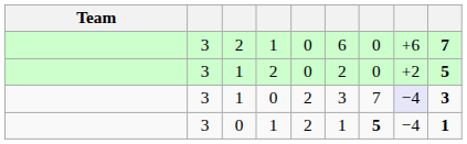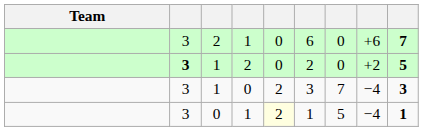 <table class="wikitable" style="text-align: center;">
 <tr>
 <th width="165">Team</th>
 <th width="25"></th>
 <th width="25"></th>
 <th width="25"></th>
 <th width="25"></th>
 <th width="25"></th>
 <th width="25"></th>
 <th width="25"></th>
 <th width="25"></th>
 </tr>
 <tr bgcolor=#ccffcc>
 <td align="left"></td>
 <td>3</td>
 <td>2</td>
 <td>1</td>
 <td>0</td>
 <td>6</td>
 <td>0</td>
 <td>+6</td>
 <td><strong>7</strong></td>
 </tr>
 <tr bgcolor=#ccffcc>
 <td align="left"></td>
-<td>3</td>
+<td><strong>3</strong></td>
 <td>1</td>
 <td>2</td>
 <td>0</td>
 <td>2</td>
 <td>0</td>
 <td>+2</td>
 <td><strong>5</strong></td>
 </tr>
 <tr>
 <td align="left"></td>
 <td>3</td>
 <td>1</td>
 <td>0</td>
 <td>2</td>
 <td>3</td>
 <td>7</td>
-<td style="background: lavender;">−4</td>
+<td>−4</td>
 <td><strong>3</strong></td>
 </tr>
 <tr>
 <td align="left"></td>
 <td>3</td>
 <td>0</td>
 <td>1</td>
-<td>2</td>
+<td style="background: lightyellow;">2</td>
 <td>1</td>
-<td><strong>5</strong></td>
+<td>5</td>
 <td>−4</td>
 <td><strong>1</strong></td>
 </tr>
 </table>
